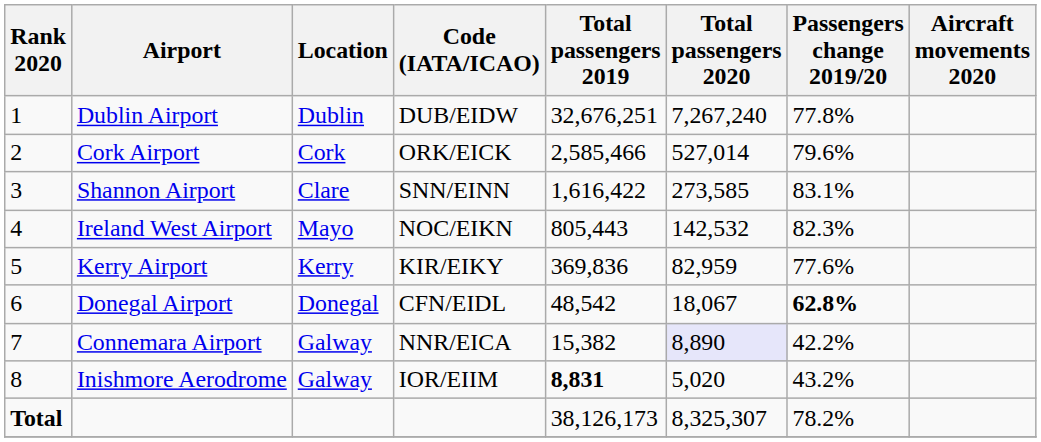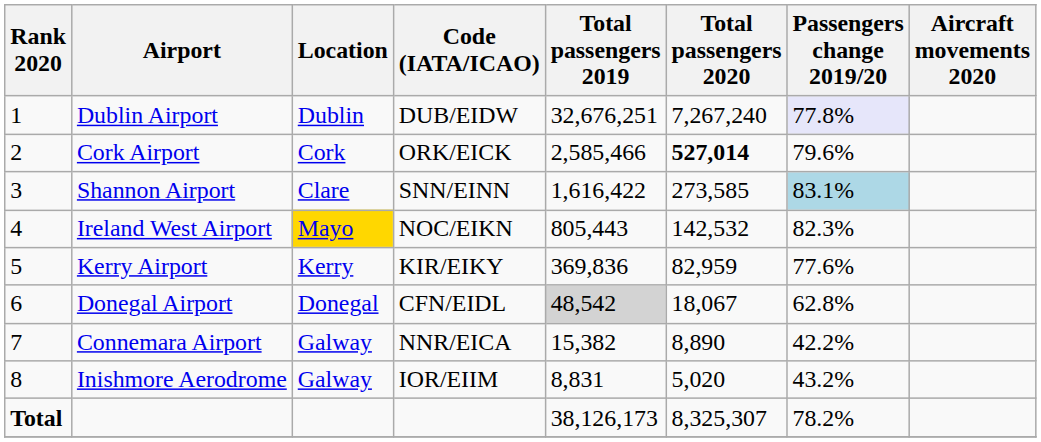 <table class="wikitable sortable">
 <tr>
 <th>Rank<br>2020</th>
 <th>Airport</th>
 <th>Location</th>
 <th>Code<br>(IATA/ICAO)</th>
 <th>Total<br>passengers<br>2019</th>
 <th>Total<br>passengers<br>2020</th>
 <th>Passengers<br>change<br>2019/20</th>
 <th>Aircraft<br>movements<br>2020</th>
 </tr>
 <tr>
 <td>1</td>
 <td><a href='#'>Dublin Airport</a></td>
 <td><a href='#'>Dublin</a></td>
 <td>DUB/EIDW</td>
 <td>32,676,251</td>
 <td>7,267,240</td>
-<td> 77.8%</td>
+<td style="background: lavender;"> 77.8%</td>
 <td></td>
 </tr>
 <tr>
 <td>2</td>
 <td><a href='#'>Cork Airport</a></td>
 <td><a href='#'>Cork</a></td>
 <td>ORK/EICK</td>
 <td>2,585,466</td>
-<td>527,014</td>
+<td><strong>527,014</strong></td>
 <td> 79.6%</td>
 <td></td>
 </tr>
 <tr>
 <td>3</td>
 <td><a href='#'>Shannon Airport</a></td>
 <td><a href='#'>Clare</a></td>
 <td>SNN/EINN</td>
 <td>1,616,422</td>
 <td>273,585</td>
-<td> 83.1%</td>
+<td style="background: lightblue;"> 83.1%</td>
 <td></td>
 </tr>
 <tr>
 <td>4</td>
 <td><a href='#'>Ireland West Airport</a></td>
-<td><a href='#'>Mayo</a></td>
+<td style="background: gold;"><a href='#'>Mayo</a></td>
 <td>NOC/EIKN</td>
 <td>805,443</td>
 <td>142,532</td>
 <td> 82.3%</td>
 <td></td>
 </tr>
 <tr>
 <td>5</td>
 <td><a href='#'>Kerry Airport</a></td>
 <td><a href='#'>Kerry</a></td>
 <td>KIR/EIKY</td>
 <td>369,836</td>
 <td>82,959</td>
 <td> 77.6%</td>
 <td></td>
 </tr>
 <tr>
 <td>6</td>
 <td><a href='#'>Donegal Airport</a></td>
 <td><a href='#'>Donegal</a></td>
 <td>CFN/EIDL</td>
-<td>48,542</td>
+<td style="background: lightgrey;">48,542</td>
 <td>18,067</td>
-<td><strong> 62.8%</strong></td>
+<td> 62.8%</td>
 <td></td>
 </tr>
 <tr>
 <td>7</td>
 <td><a href='#'>Connemara Airport</a></td>
 <td><a href='#'>Galway</a></td>
 <td>NNR/EICA</td>
 <td>15,382</td>
-<td style="background: lavender;">8,890</td>
+<td>8,890</td>
 <td> 42.2%</td>
 <td></td>
 </tr>
 <tr>
 <td>8</td>
 <td><a href='#'>Inishmore Aerodrome</a></td>
 <td><a href='#'>Galway</a></td>
 <td>IOR/EIIM</td>
-<td><strong>8,831</strong></td>
+<td>8,831</td>
 <td>5,020</td>
 <td> 43.2%</td>
 <td></td>
 </tr>
 <tr>
 <td><strong>Total</strong></td>
 <td></td>
 <td></td>
 <td></td>
 <td>38,126,173</td>
 <td>8,325,307</td>
 <td> 78.2%</td>
 <td></td>
 </tr>
 <tr>
 </tr>
 </table>
